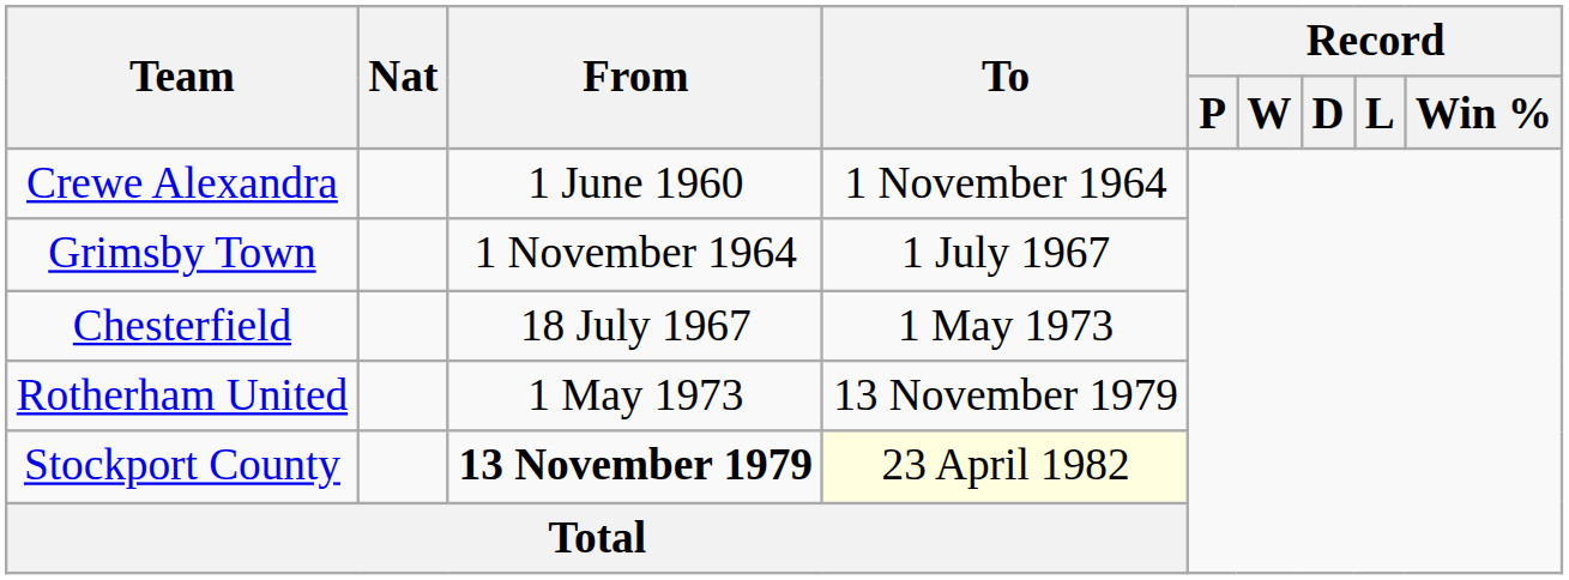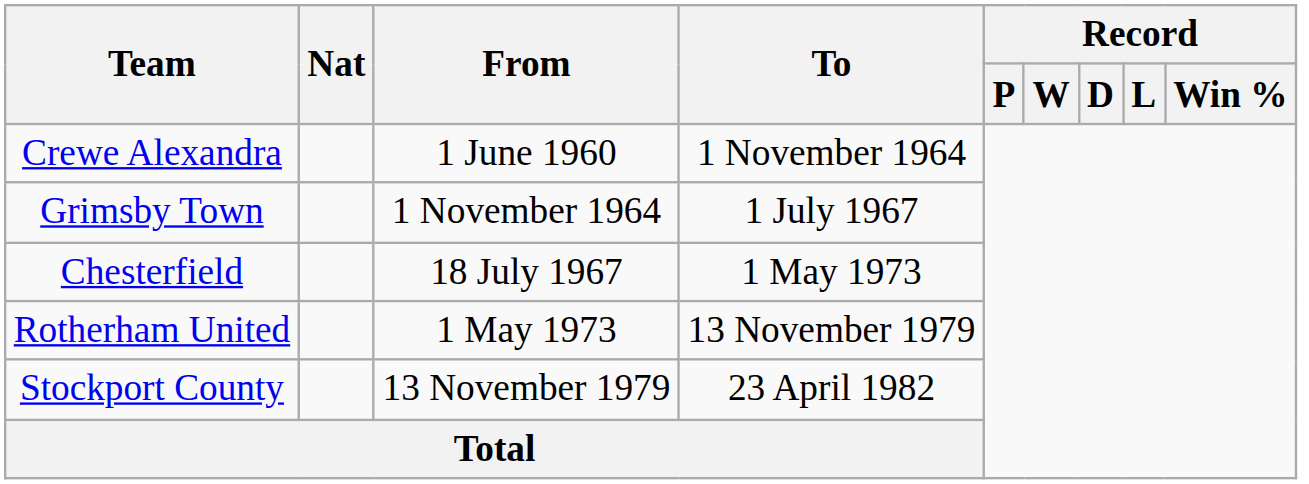 <table class="wikitable" style="text-align: center">
 <tr>
 <th rowspan="2">Team</th>
 <th rowspan="2">Nat</th>
 <th rowspan="2">From</th>
 <th rowspan="2">To</th>
 <th colspan="5">Record</th>
 </tr>
 <tr>
 <th>P</th>
 <th>W</th>
 <th>D</th>
 <th>L</th>
 <th>Win %</th>
 </tr>
 <tr>
 <td align=center><a href='#'>Crewe Alexandra</a></td>
 <td></td>
 <td align=center>1 June 1960</td>
 <td align=center>1 November 1964<br></td>
 </tr>
 <tr>
 <td align=center><a href='#'>Grimsby Town</a></td>
 <td></td>
 <td align=center>1 November 1964</td>
 <td align=center>1 July 1967<br></td>
 </tr>
 <tr>
 <td align=center><a href='#'>Chesterfield</a></td>
 <td></td>
 <td align=center>18 July 1967</td>
 <td align=center>1 May 1973<br></td>
 </tr>
 <tr>
 <td align=center><a href='#'>Rotherham United</a></td>
 <td></td>
 <td align=center>1 May 1973</td>
 <td align=center>13 November 1979<br></td>
 </tr>
 <tr>
 <td align=center><a href='#'>Stockport County</a></td>
 <td></td>
-<td align=center><strong>13 November 1979</strong></td>
-<td align=center style="background: lightyellow;">23 April 1982<br></td>
+<td align=center>13 November 1979</td>
+<td align=center>23 April 1982<br></td>
 </tr>
 <tr>
 <th colspan="4">Total<br></th>
 </tr>
 </table>
